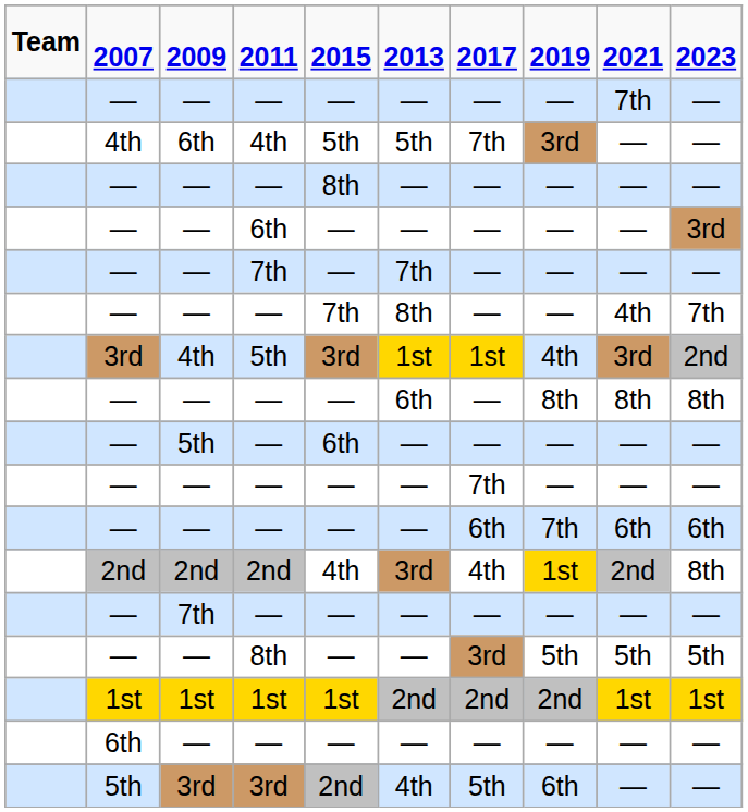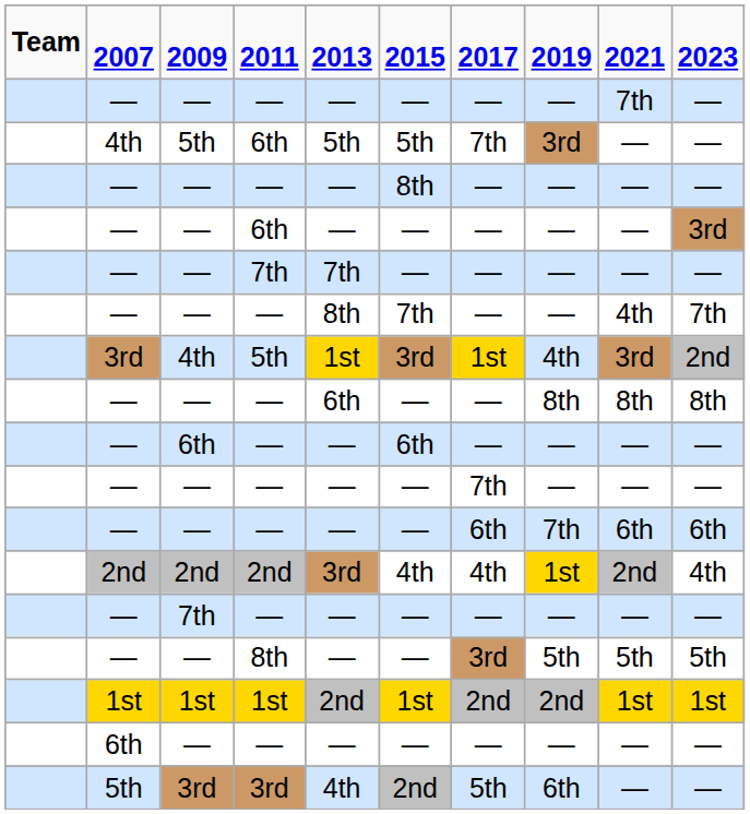 <table class="wikitable" style="text-align:center; font-size:90%">
 <tr>
 <td><strong>Team</strong></td>
 <td><strong><br><a href='#'>2007</a></strong></td>
 <td><strong><br><a href='#'>2009</a></strong></td>
 <td><strong><br><a href='#'>2011</a></strong></td>
+<td><strong><br><a href='#'>2013</a></strong></td>
 <td><strong><br><a href='#'>2015</a></strong></td>
-<td><strong><br><a href='#'>2013</a></strong></td>
 <td><strong><br><a href='#'>2017</a></strong></td>
 <td><strong><br><a href='#'>2019</a></strong></td>
 <td><strong><br><a href='#'>2021</a></strong></td>
 <td><strong><br><a href='#'>2023</a></strong></td>
 </tr>
 <tr bgcolor=#D0E6FF>
 <td align=left></td>
 <td>—</td>
 <td>—</td>
 <td>—</td>
 <td>—</td>
 <td>—</td>
 <td>—</td>
 <td>—</td>
 <td>7th</td>
 <td>—</td>
 </tr>
 <tr bgcolor=#FFFFFF>
 <td align=left></td>
 <td>4th</td>
+<td>5th</td>
 <td>6th</td>
-<td>4th</td>
 <td>5th</td>
 <td>5th</td>
 <td>7th</td>
 <td bgcolor=#cc9966>3rd</td>
 <td>—</td>
 <td>—</td>
 </tr>
 <tr bgcolor=#D0E6FF>
 <td align=left></td>
 <td>—</td>
 <td>—</td>
 <td>—</td>
+<td>—</td>
 <td>8th</td>
-<td>—</td>
 <td>—</td>
 <td>—</td>
 <td>—</td>
 <td>—</td>
 </tr>
 <tr bgcolor=#FFFFFF>
 <td align=left></td>
 <td>—</td>
 <td>—</td>
 <td>6th</td>
 <td>—</td>
 <td>—</td>
 <td>—</td>
 <td>—</td>
 <td>—</td>
 <td bgcolor=#cc9966>3rd</td>
 </tr>
 <tr bgcolor=#D0E6FF>
 <td align=left></td>
 <td>—</td>
 <td>—</td>
 <td>7th</td>
+<td>7th</td>
 <td>—</td>
-<td>7th</td>
 <td>—</td>
 <td>—</td>
 <td>—</td>
 <td>—</td>
 </tr>
 <tr bgcolor=#FFFFFF>
 <td align=left></td>
 <td>—</td>
 <td>—</td>
 <td>—</td>
+<td>8th</td>
 <td>7th</td>
-<td>8th</td>
 <td>—</td>
 <td>—</td>
 <td>4th</td>
 <td>7th</td>
 </tr>
 <tr bgcolor=#D0E6FF>
 <td align=left></td>
 <td bgcolor=#cc9966>3rd</td>
 <td>4th</td>
 <td>5th</td>
+<td bgcolor=gold>1st</td>
 <td bgcolor=#cc9966>3rd</td>
-<td bgcolor=gold>1st</td>
 <td bgcolor=gold>1st</td>
 <td>4th</td>
 <td bgcolor=#cc9966>3rd</td>
 <td bgcolor=silver>2nd</td>
 </tr>
 <tr bgcolor=#FFFFFF>
 <td align=left></td>
 <td>—</td>
 <td>—</td>
 <td>—</td>
+<td>6th</td>
 <td>—</td>
-<td>6th</td>
 <td>—</td>
 <td>8th</td>
 <td>8th</td>
 <td>8th</td>
 </tr>
 <tr bgcolor=#D0E6FF>
 <td align=left></td>
 <td>—</td>
-<td>5th</td>
+<td>6th</td>
+<td>—</td>
 <td>—</td>
 <td>6th</td>
-<td>—</td>
 <td>—</td>
 <td>—</td>
 <td>—</td>
 <td>—</td>
 </tr>
 <tr bgcolor=#FFFFFF>
 <td align=left></td>
 <td>—</td>
 <td>—</td>
 <td>—</td>
 <td>—</td>
 <td>—</td>
 <td>7th</td>
 <td>—</td>
 <td>—</td>
 <td>—</td>
 </tr>
 <tr bgcolor=#D0E6FF>
 <td align=left></td>
 <td>—</td>
 <td>—</td>
 <td>—</td>
 <td>—</td>
 <td>—</td>
 <td>6th</td>
 <td>7th</td>
 <td>6th</td>
 <td>6th</td>
 </tr>
 <tr bgcolor=#FFFFFF>
 <td align=left></td>
 <td bgcolor=silver>2nd</td>
 <td bgcolor=silver>2nd</td>
 <td bgcolor=silver>2nd</td>
+<td bgcolor=#cc9966>3rd</td>
 <td>4th</td>
-<td bgcolor=#cc9966>3rd</td>
 <td>4th</td>
 <td bgcolor=gold>1st</td>
 <td bgcolor=silver>2nd</td>
-<td>8th</td>
+<td>4th</td>
 </tr>
 <tr bgcolor=#D0E6FF>
 <td align=left></td>
 <td>—</td>
 <td>7th</td>
 <td>—</td>
 <td>—</td>
 <td>—</td>
 <td>—</td>
 <td>—</td>
 <td>—</td>
 <td>—</td>
 </tr>
 <tr bgcolor=#FFFFFF>
 <td align=left></td>
 <td>—</td>
 <td>—</td>
 <td>8th</td>
 <td>—</td>
 <td>—</td>
 <td bgcolor=#cc9966>3rd</td>
 <td>5th</td>
 <td>5th</td>
 <td>5th</td>
 </tr>
 <tr bgcolor=#D0E6FF>
 <td align=left></td>
 <td bgcolor=gold>1st</td>
 <td bgcolor=gold>1st</td>
 <td bgcolor=gold>1st</td>
+<td bgcolor=silver>2nd</td>
 <td bgcolor=gold>1st</td>
-<td bgcolor=silver>2nd</td>
 <td bgcolor=silver>2nd</td>
 <td bgcolor=silver>2nd</td>
 <td bgcolor=gold>1st</td>
 <td bgcolor=gold>1st</td>
 </tr>
 <tr bgcolor=#FFFFFF>
 <td align=left></td>
 <td>6th</td>
 <td>—</td>
 <td>—</td>
 <td>—</td>
 <td>—</td>
 <td>—</td>
 <td>—</td>
 <td>—</td>
 <td>—</td>
 </tr>
 <tr bgcolor=#D0E6FF>
 <td align=left></td>
 <td>5th</td>
 <td bgcolor=#cc9966>3rd</td>
 <td bgcolor=#cc9966>3rd</td>
+<td>4th</td>
 <td bgcolor=silver>2nd</td>
-<td>4th</td>
 <td>5th</td>
 <td>6th</td>
 <td>—</td>
 <td>—</td>
 </tr>
 </table>
